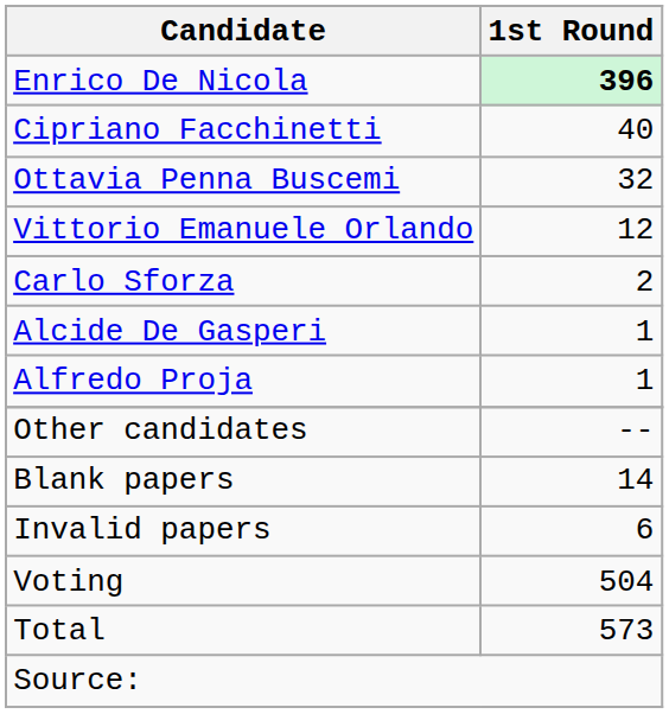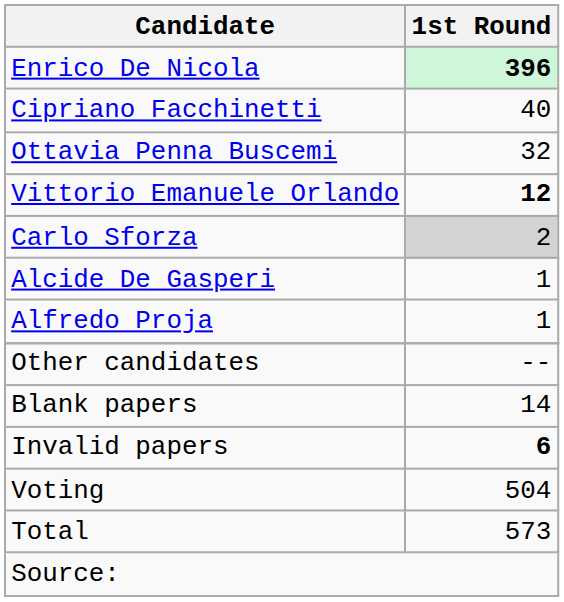 <table class="wikitable sortable" style="text-align:right">
 <tr>
 <th>Candidate</th>
 <th>1st Round</th>
 </tr>
 <tr>
 <td align="left"><a href='#'>Enrico De Nicola</a></td>
 <td bgcolor=#CEF6D8><strong>396</strong></td>
 </tr>
 <tr>
 <td align="left"><a href='#'>Cipriano Facchinetti</a></td>
 <td>40</td>
 </tr>
 <tr>
 <td align="left"><a href='#'>Ottavia Penna Buscemi</a></td>
 <td>32</td>
 </tr>
 <tr>
 <td align="left"><a href='#'>Vittorio Emanuele Orlando</a></td>
-<td>12</td>
+<td><strong>12</strong></td>
 </tr>
 <tr>
 <td align="left"><a href='#'>Carlo Sforza</a></td>
-<td>2</td>
+<td style="background: lightgrey;">2</td>
 </tr>
 <tr>
 <td align="left"><a href='#'>Alcide De Gasperi</a></td>
 <td>1</td>
 </tr>
 <tr>
 <td align="left"><a href='#'>Alfredo Proja</a></td>
 <td>1</td>
 </tr>
 <tr>
 </tr>
 <tr class="sortbottom">
 <td align="left">Other candidates</td>
 <td>--</td>
 </tr>
 <tr class="sortbottom">
 <td align="left">Blank papers</td>
 <td>14</td>
 </tr>
 <tr class="sortbottom">
 <td align="left">Invalid papers</td>
-<td>6</td>
+<td><strong>6</strong></td>
 </tr>
 <tr class="sortbottom">
 <td align="left">Voting</td>
 <td>504</td>
 </tr>
 <tr class="sortbottom">
 <td align="left">Total</td>
 <td>573</td>
 </tr>
 <tr class="sortbottom">
 <td colspan="7" align="left">Source: </td>
 </tr>
 </table>
